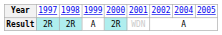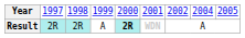 <table class="wikitable" style="text-align:center; font-size:90%; background:white">
 <tr>
 <th>Year</th>
 <td><a href='#'>1997</a></td>
 <td><a href='#'>1998</a></td>
 <td><a href='#'>1999</a></td>
 <td><a href='#'>2000</a></td>
 <td><a href='#'>2001</a></td>
 <td><a href='#'>2002</a></td>
 <td><a href='#'>2004</a></td>
 <td><a href='#'>2005</a></td>
 </tr>
 <tr>
 <th>Result</th>
 <td bgcolor="afeeee">2R</td>
 <td bgcolor="afeeee">2R</td>
 <td>A</td>
-<td bgcolor="afeeee">2R</td>
-<td style="color:#ccc">WDN</td>
+<td bgcolor="afeeee"><strong>2R</strong></td>
+<td style="color:#ccc"><strong>WDN</strong></td>
 <td colspan="3">A</td>
 </tr>
 </table>
